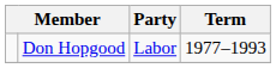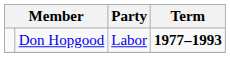 <table class="wikitable">
 <tr>
 <th colspan=2>Member</th>
 <th>Party</th>
 <th>Term</th>
 </tr>
 <tr>
 <td> </td>
 <td><a href='#'>Don Hopgood</a></td>
 <td><a href='#'>Labor</a></td>
-<td>1977–1993</td>
+<td><strong>1977–1993</strong></td>
 </tr>
 <tr>
 </tr>
 </table>
